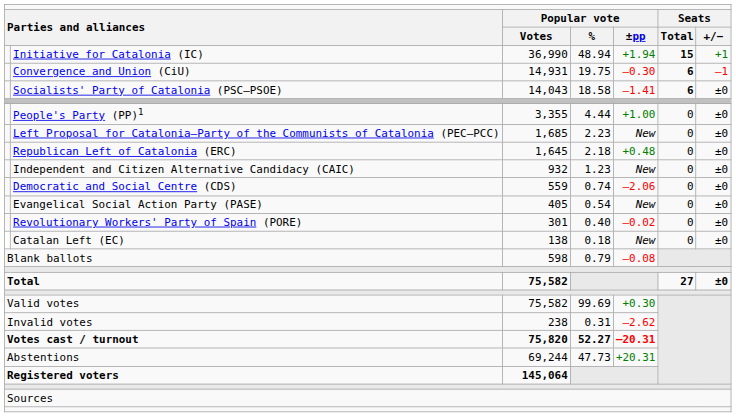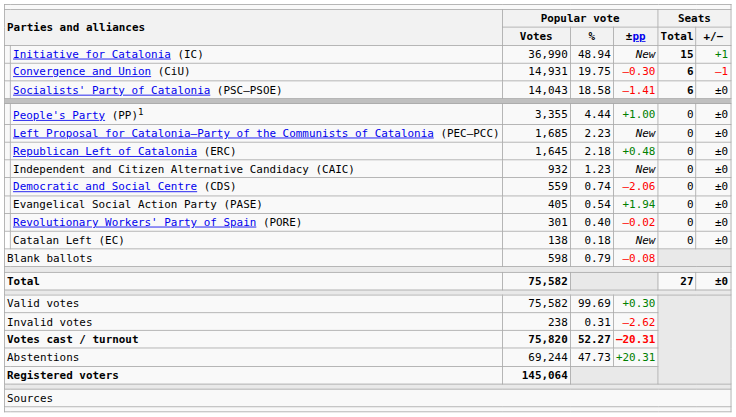 <table class="wikitable" style="text-align:right;">
 <tr>
 <td colspan="7"></td>
 </tr>
 <tr>
 <th style="text-align:left;" rowspan="2" colspan="2" width="525">Parties and alliances</th>
 <th colspan="3">Popular vote</th>
 <th colspan="2">Seats</th>
 </tr>
 <tr>
 <th width="75">Votes</th>
 <th width="45">%</th>
 <th width="45">±<a href='#'>pp</a></th>
 <th width="35">Total</th>
 <th width="35">+/−</th>
 </tr>
 <tr>
 <td width="1" style="color:inherit;background:"></td>
 <td align="left"><a href='#'>Initiative for Catalonia</a> (IC)</td>
 <td>36,990</td>
 <td>48.94</td>
-<td style="color:green;">+1.94</td>
+<td><em>New</em></td>
 <td><strong>15</strong></td>
 <td style="color:green;">+1</td>
 </tr>
 <tr>
 <td style="color:inherit;background:"></td>
 <td align="left"><a href='#'>Convergence and Union</a> (CiU)</td>
 <td>14,931</td>
 <td>19.75</td>
 <td style="color:red;">–0.30</td>
 <td><strong>6</strong></td>
 <td style="color:red;">–1</td>
 </tr>
 <tr>
 <td style="color:inherit;background:"></td>
 <td align="left"><a href='#'>Socialists' Party of Catalonia</a> (PSC–PSOE)</td>
 <td>14,043</td>
 <td>18.58</td>
 <td style="color:red;">–1.41</td>
 <td><strong>6</strong></td>
 <td>±0</td>
 </tr>
 <tr>
 <td colspan="7" style="color:inherit;background:#C0C0C0"></td>
 </tr>
 <tr>
 <td style="color:inherit;background:"></td>
 <td align="left"><a href='#'>People's Party</a> (PP)<sup>1</sup></td>
 <td>3,355</td>
 <td>4.44</td>
 <td style="color:green;">+1.00</td>
 <td>0</td>
 <td>±0</td>
 </tr>
 <tr>
 <td style="color:inherit;background:"></td>
 <td align="left"><a href='#'>Left Proposal for Catalonia–Party of the Communists of Catalonia</a> (PEC–PCC)</td>
 <td>1,685</td>
 <td>2.23</td>
 <td><em>New</em></td>
 <td>0</td>
 <td>±0</td>
 </tr>
 <tr>
 <td style="color:inherit;background:"></td>
 <td align="left"><a href='#'>Republican Left of Catalonia</a> (ERC)</td>
 <td>1,645</td>
 <td>2.18</td>
 <td style="color:green;">+0.48</td>
 <td>0</td>
 <td>±0</td>
 </tr>
 <tr>
 <td style="color:inherit;background:"></td>
 <td align="left">Independent and Citizen Alternative Candidacy (CAIC)</td>
 <td>932</td>
 <td>1.23</td>
 <td><em>New</em></td>
 <td>0</td>
 <td>±0</td>
 </tr>
 <tr>
 <td style="color:inherit;background:"></td>
 <td align="left"><a href='#'>Democratic and Social Centre</a> (CDS)</td>
 <td>559</td>
 <td>0.74</td>
 <td style="color:red;">–2.06</td>
 <td>0</td>
 <td>±0</td>
 </tr>
 <tr>
 <td style="color:inherit;background:"></td>
 <td align="left">Evangelical Social Action Party (PASE)</td>
 <td>405</td>
 <td>0.54</td>
-<td><em>New</em></td>
+<td style="color:green;">+1.94</td>
 <td>0</td>
 <td>±0</td>
 </tr>
 <tr>
 <td style="color:inherit;background:"></td>
 <td align="left"><a href='#'>Revolutionary Workers' Party of Spain</a> (PORE)</td>
 <td>301</td>
 <td>0.40</td>
 <td style="color:red;">–0.02</td>
 <td>0</td>
 <td>±0</td>
 </tr>
 <tr>
 <td bgcolor="white"></td>
 <td align="left">Catalan Left (EC)</td>
 <td>138</td>
 <td>0.18</td>
 <td><em>New</em></td>
 <td>0</td>
 <td>±0</td>
 </tr>
 <tr>
 <td align="left" colspan="2">Blank ballots</td>
 <td>598</td>
 <td>0.79</td>
 <td style="color:red;">–0.08</td>
 <td style="color:inherit;background:#E9E9E9" colspan="2"></td>
 </tr>
 <tr>
 <td colspan="7" style="color:inherit;background:#E9E9E9"></td>
 </tr>
 <tr style="font-weight:bold;">
 <td align="left" colspan="2">Total</td>
 <td>75,582</td>
 <td bgcolor="#E9E9E9" colspan="2"></td>
 <td>27</td>
 <td>±0</td>
 </tr>
 <tr>
 <td colspan="7" style="color:inherit;background:#E9E9E9"></td>
 </tr>
 <tr>
 <td align="left" colspan="2">Valid votes</td>
 <td>75,582</td>
 <td>99.69</td>
 <td style="color:green;">+0.30</td>
 <td bgcolor="#E9E9E9" colspan="2" rowspan="5"></td>
 </tr>
 <tr>
 <td align="left" colspan="2">Invalid votes</td>
 <td>238</td>
 <td>0.31</td>
 <td style="color:red;">–2.62</td>
 </tr>
 <tr style="font-weight:bold;">
 <td align="left" colspan="2">Votes cast / turnout</td>
 <td>75,820</td>
 <td>52.27</td>
 <td style="color:red;">–20.31</td>
 </tr>
 <tr>
 <td align="left" colspan="2">Abstentions</td>
 <td>69,244</td>
 <td>47.73</td>
 <td style="color:green;">+20.31</td>
 </tr>
 <tr style="font-weight:bold;">
 <td align="left" colspan="2">Registered voters</td>
 <td>145,064</td>
 <td bgcolor="#E9E9E9" colspan="2"></td>
 </tr>
 <tr>
 <td colspan="7" style="color:inherit;background:#E9E9E9"></td>
 </tr>
 <tr>
 <td align="left" colspan="7">Sources</td>
 </tr>
 <tr>
 <td colspan="7" style="text-align:left; max-width:790px;"></td>
 </tr>
 </table>
